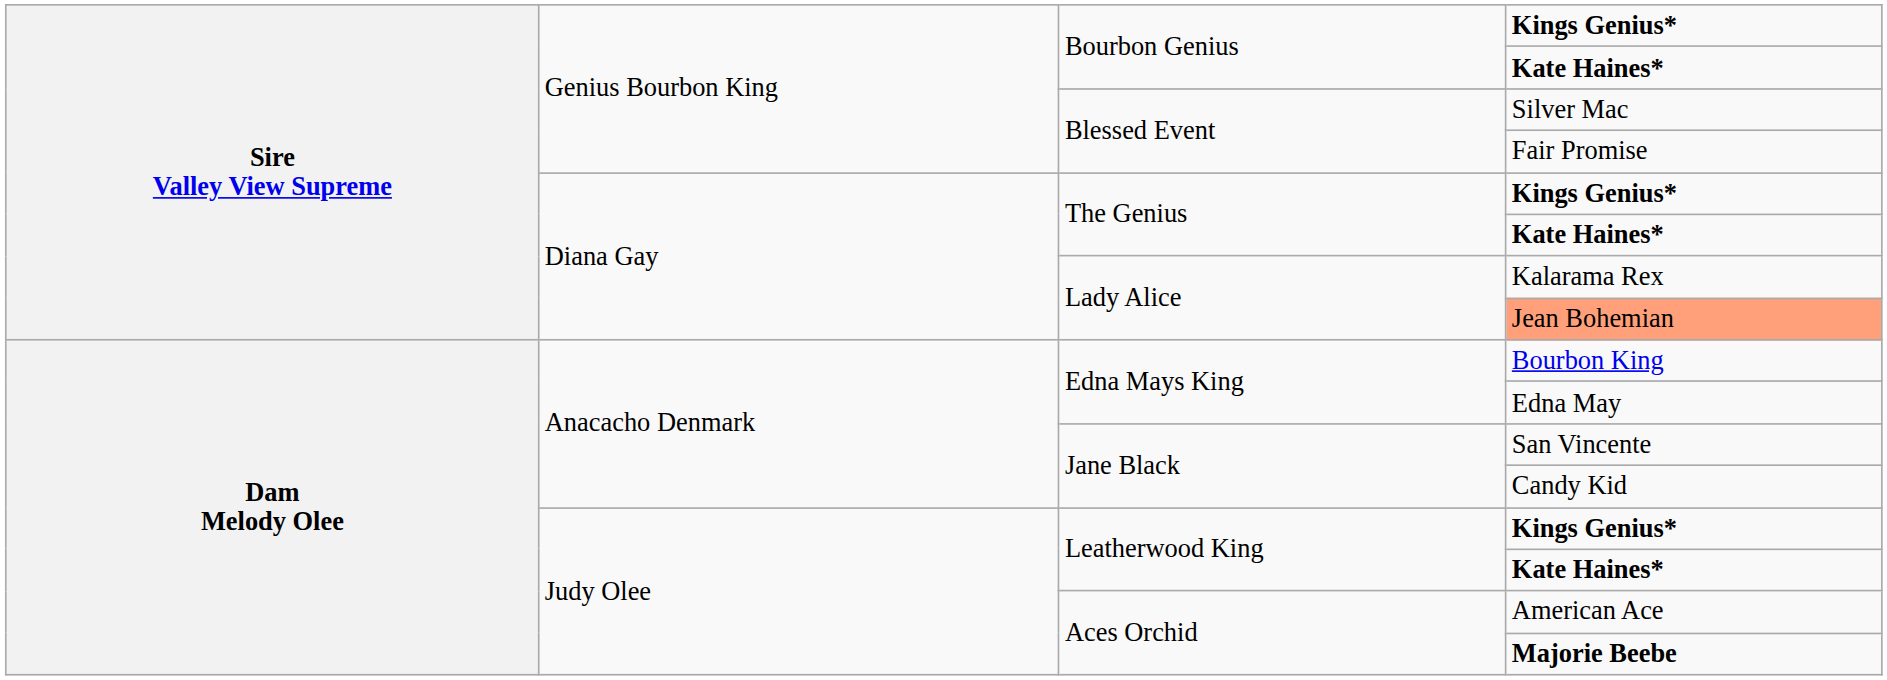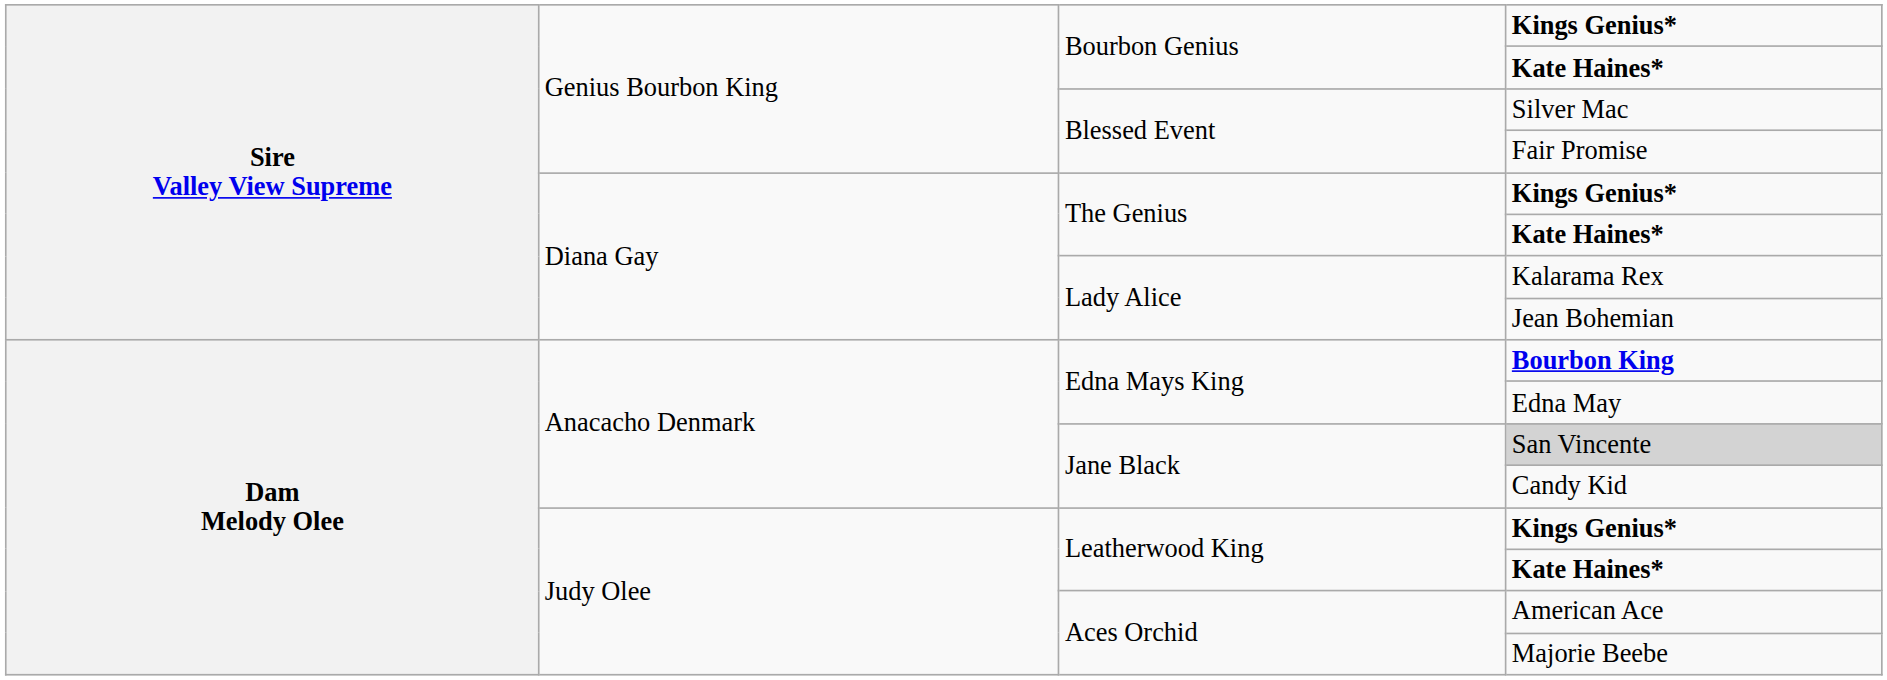 <table class="wikitable" style="clear:both; margin:0em auto; width:90%;">
 <tr>
 <th rowspan="8">Sire<br><a href='#'>Valley View Supreme</a></th>
 <td rowspan="4">Genius Bourbon King</td>
 <td rowspan="2">Bourbon Genius</td>
 <td><strong>Kings Genius*</strong></td>
 </tr>
 <tr>
 <td><strong>Kate Haines*</strong></td>
 </tr>
 <tr>
 <td rowspan="2">Blessed Event</td>
 <td>Silver Mac</td>
 </tr>
 <tr>
 <td>Fair Promise</td>
 </tr>
 <tr>
 <td rowspan="4">Diana Gay</td>
 <td rowspan="2">The Genius</td>
 <td><strong>Kings Genius*</strong></td>
 </tr>
 <tr>
 <td><strong>Kate Haines*</strong></td>
 </tr>
 <tr>
 <td rowspan="2">Lady Alice</td>
 <td>Kalarama Rex</td>
 </tr>
 <tr>
-<td style="background: lightsalmon;">Jean Bohemian</td>
+<td>Jean Bohemian</td>
 </tr>
 <tr>
 <th rowspan="8">Dam<br>Melody Olee</th>
 <td rowspan="4">Anacacho Denmark</td>
 <td rowspan="2">Edna Mays King</td>
-<td><a href='#'>Bourbon King</a></td>
+<td><strong><a href='#'>Bourbon King</a></strong></td>
 </tr>
 <tr>
 <td>Edna May</td>
 </tr>
 <tr>
 <td rowspan="2">Jane Black</td>
-<td>San Vincente</td>
+<td style="background: lightgrey;">San Vincente</td>
 </tr>
 <tr>
 <td>Candy Kid</td>
 </tr>
 <tr>
 <td rowspan="4">Judy Olee</td>
 <td rowspan="2">Leatherwood King</td>
 <td><strong>Kings Genius*</strong></td>
 </tr>
 <tr>
 <td><strong>Kate Haines*</strong></td>
 </tr>
 <tr>
 <td rowspan="2">Aces Orchid</td>
 <td>American Ace</td>
 </tr>
 <tr>
-<td><strong>Majorie Beebe</strong></td>
+<td>Majorie Beebe</td>
 </tr>
 </table>
